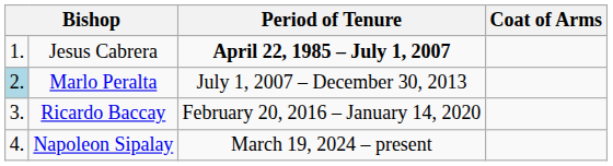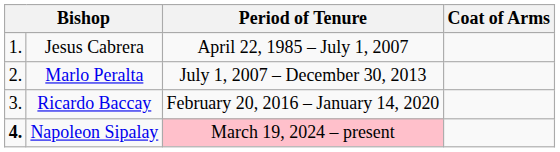 <table class="wikitable" style="text-align:center;">
 <tr>
 <th colspan=2>Bishop</th>
 <th>Period of Tenure</th>
 <th>Coat of Arms</th>
 </tr>
 <tr>
 <td>1.</td>
 <td>Jesus Cabrera</td>
-<td><strong>April 22, 1985 – July 1, 2007</strong></td>
+<td>April 22, 1985 – July 1, 2007</td>
 <td></td>
 </tr>
 <tr>
-<td style="background: lightblue;">2.</td>
+<td>2.</td>
 <td><a href='#'>Marlo Peralta</a></td>
 <td>July 1, 2007 – December 30, 2013</td>
 <td></td>
 </tr>
 <tr>
 <td>3.</td>
 <td><a href='#'>Ricardo Baccay</a></td>
 <td>February 20, 2016 – January 14, 2020</td>
 <td></td>
 </tr>
 <tr>
-<td>4.</td>
+<td><strong>4.</strong></td>
 <td><a href='#'>Napoleon Sipalay</a></td>
-<td>March 19, 2024 – present</td>
+<td style="background: pink;">March 19, 2024 – present</td>
 <td></td>
 </tr>
 </table>
